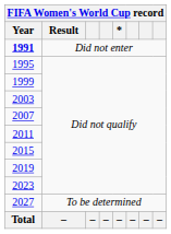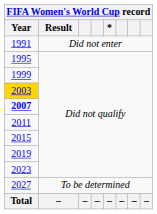 <table class="wikitable" style="text-align: center;">
 <tr>
 <th colspan=8><a href='#'>FIFA Women's World Cup</a> record</th>
 </tr>
 <tr>
 <th>Year</th>
 <th>Result</th>
 <th></th>
 <th></th>
 <th>*</th>
 <th></th>
 <th></th>
 <th></th>
 </tr>
 <tr>
-<td><strong> <a href='#'>1991</a></strong></td>
+<td> <a href='#'>1991</a></td>
 <td colspan=7><em>Did not enter</em></td>
 </tr>
 <tr>
 <td> <a href='#'>1995</a></td>
 <td rowspan=8 colspan=7><em>Did not qualify</em></td>
 </tr>
 <tr>
 <td> <a href='#'>1999</a></td>
 </tr>
 <tr>
-<td> <a href='#'>2003</a></td>
+<td style="background: gold;"> <a href='#'>2003</a></td>
 </tr>
 <tr>
-<td> <a href='#'>2007</a></td>
+<td><strong> <a href='#'>2007</a></strong></td>
 </tr>
 <tr>
 <td> <a href='#'>2011</a></td>
 </tr>
 <tr>
 <td> <a href='#'>2015</a></td>
 </tr>
 <tr>
 <td> <a href='#'>2019</a></td>
 </tr>
 <tr>
 <td>  <a href='#'>2023</a></td>
 </tr>
 <tr>
 <td> <a href='#'>2027</a></td>
 <td colspan=7><em>To be determined</em></td>
 </tr>
 <tr>
 <th>Total</th>
 <th>–</th>
 <th>–</th>
 <th>–</th>
 <th>–</th>
 <th>–</th>
 <th>–</th>
 <th>–</th>
 </tr>
 </table>
